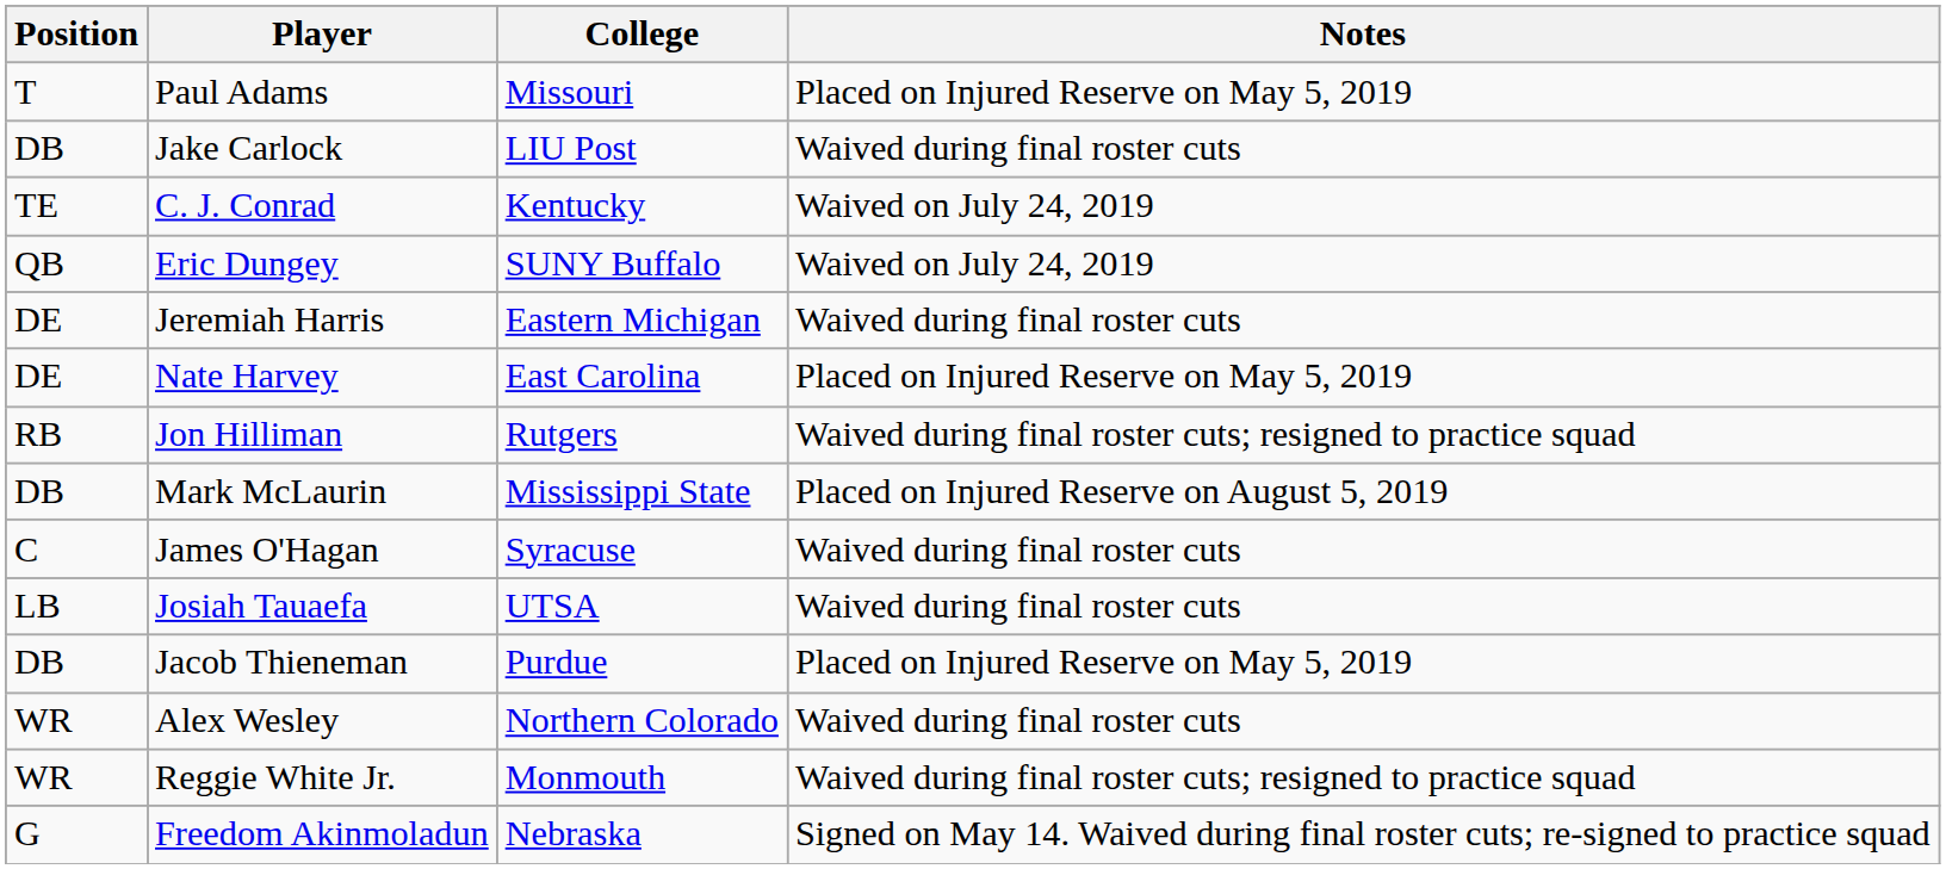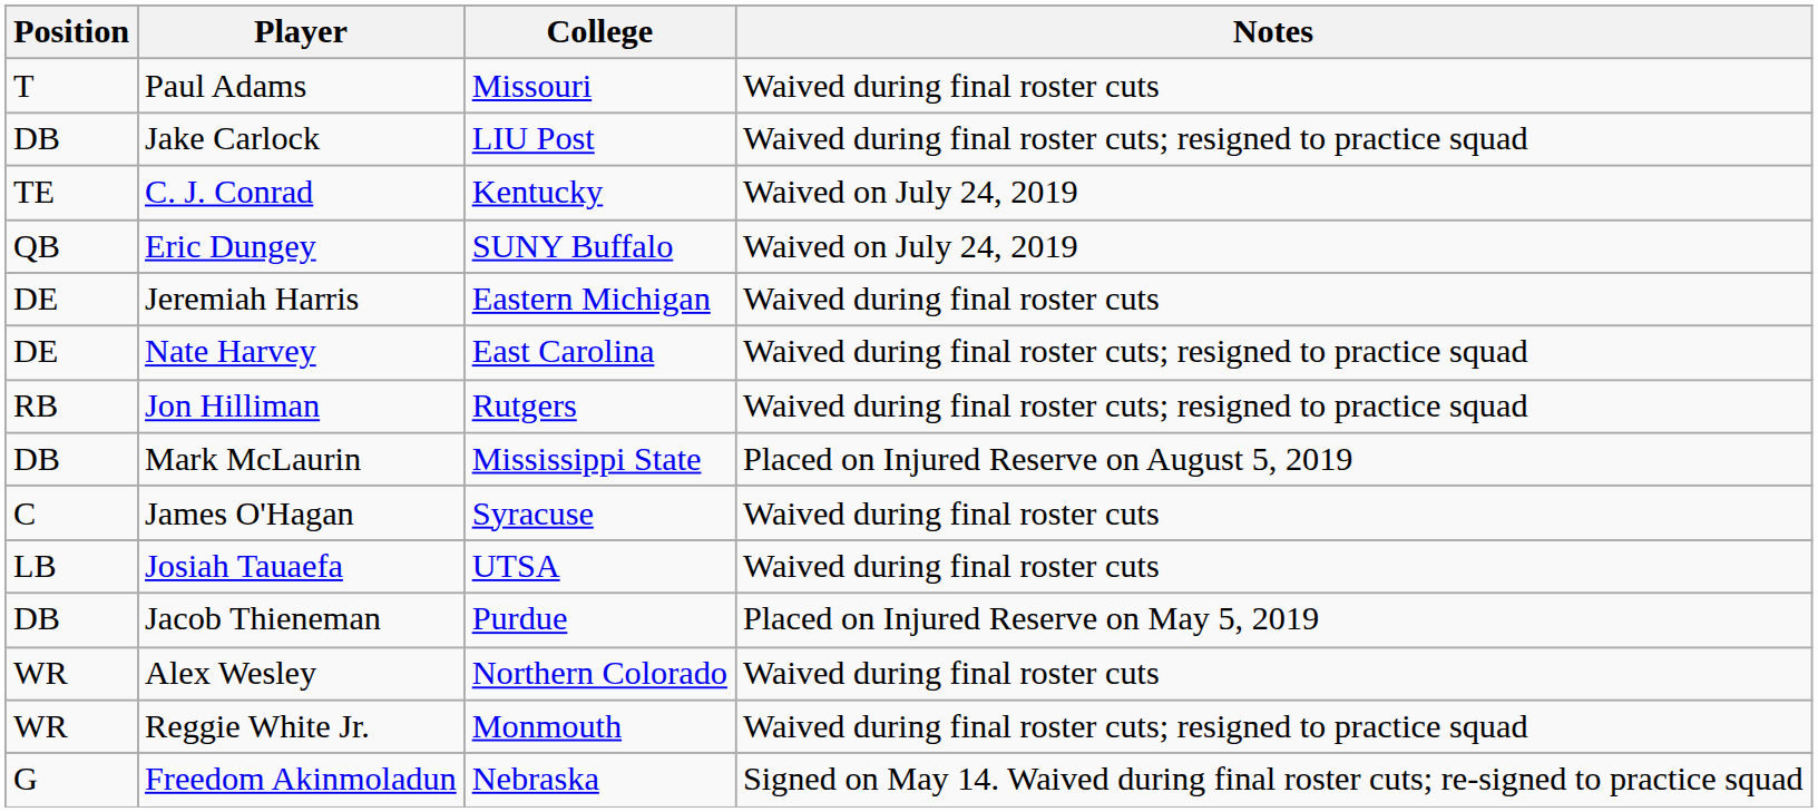 <table class="wikitable">
 <tr>
 <th>Position</th>
 <th>Player</th>
 <th>College</th>
 <th>Notes</th>
 </tr>
 <tr>
 <td>T</td>
 <td>Paul Adams</td>
 <td><a href='#'>Missouri</a></td>
-<td>Placed on Injured Reserve on May 5, 2019</td>
+<td>Waived during final roster cuts</td>
 </tr>
 <tr>
 <td>DB</td>
 <td>Jake Carlock</td>
 <td><a href='#'>LIU Post</a></td>
-<td>Waived during final roster cuts</td>
+<td>Waived during final roster cuts; resigned to practice squad</td>
 </tr>
 <tr>
 <td>TE</td>
 <td><a href='#'>C. J. Conrad</a></td>
 <td><a href='#'>Kentucky</a></td>
 <td>Waived on July 24, 2019</td>
 </tr>
 <tr>
 <td>QB</td>
 <td><a href='#'>Eric Dungey</a></td>
 <td><a href='#'>SUNY Buffalo</a></td>
 <td>Waived on July 24, 2019</td>
 </tr>
 <tr>
 <td>DE</td>
 <td>Jeremiah Harris</td>
 <td><a href='#'>Eastern Michigan</a></td>
 <td>Waived during final roster cuts</td>
 </tr>
 <tr>
 <td>DE</td>
 <td><a href='#'>Nate Harvey</a></td>
 <td><a href='#'>East Carolina</a></td>
-<td>Placed on Injured Reserve on May 5, 2019</td>
+<td>Waived during final roster cuts; resigned to practice squad</td>
 </tr>
 <tr>
 <td>RB</td>
 <td><a href='#'>Jon Hilliman</a></td>
 <td><a href='#'>Rutgers</a></td>
 <td>Waived during final roster cuts; resigned to practice squad</td>
 </tr>
 <tr>
 <td>DB</td>
 <td>Mark McLaurin</td>
 <td><a href='#'>Mississippi State</a></td>
 <td>Placed on Injured Reserve on August 5, 2019</td>
 </tr>
 <tr>
 <td>C</td>
 <td>James O'Hagan</td>
 <td><a href='#'>Syracuse</a></td>
 <td>Waived during final roster cuts</td>
 </tr>
 <tr>
 <td>LB</td>
 <td><a href='#'>Josiah Tauaefa</a></td>
 <td><a href='#'>UTSA</a></td>
 <td>Waived during final roster cuts</td>
 </tr>
 <tr>
 <td>DB</td>
 <td>Jacob Thieneman</td>
 <td><a href='#'>Purdue</a></td>
 <td>Placed on Injured Reserve on May 5, 2019</td>
 </tr>
 <tr>
 <td>WR</td>
 <td>Alex Wesley</td>
 <td><a href='#'>Northern Colorado</a></td>
 <td>Waived during final roster cuts</td>
 </tr>
 <tr>
 <td>WR</td>
 <td>Reggie White Jr.</td>
 <td><a href='#'>Monmouth</a></td>
 <td>Waived during final roster cuts; resigned to practice squad</td>
 </tr>
 <tr>
 <td>G</td>
 <td><a href='#'>Freedom Akinmoladun</a></td>
 <td><a href='#'>Nebraska</a></td>
 <td>Signed on May 14. Waived during final roster cuts; re-signed to practice squad</td>
 </tr>
 </table>
